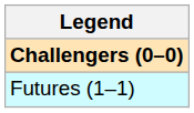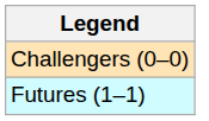 <table class=wikitable style=font-size:97%>
 <tr>
 <th>Legend</th>
 </tr>
 <tr bgcolor=moccasin>
-<td><strong>Challengers (0–0)</strong></td>
+<td>Challengers (0–0)</td>
 </tr>
 <tr bgcolor=CFFCFF>
 <td>Futures (1–1)</td>
 </tr>
 </table>
